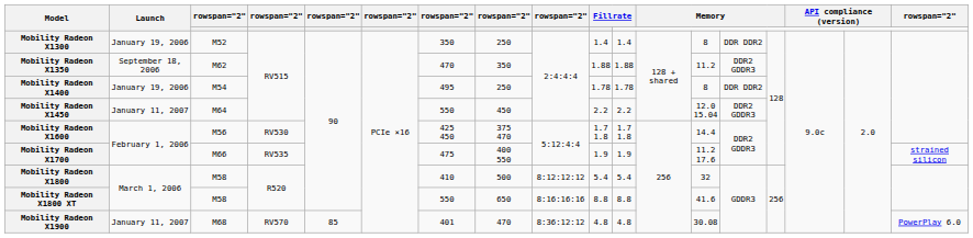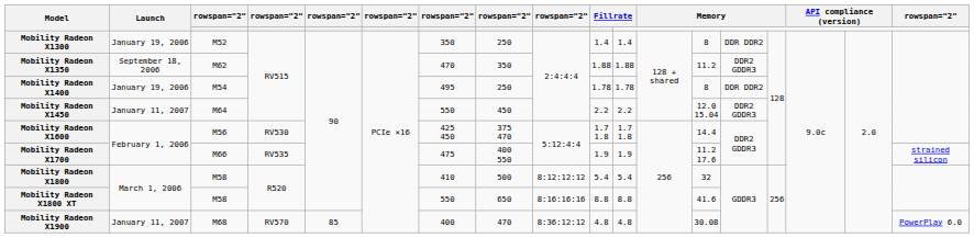 <table class="mw-datatable wikitable sortable" style="font-size: 80%; text-align:center;">
 <tr>
 <th rowspan="2">Model</th>
 <th rowspan="2">Launch</th>
 <th>rowspan="2" </th>
 <th>rowspan="2" </th>
 <th>rowspan="2" </th>
 <th>rowspan="2" </th>
 <th>rowspan="2" </th>
 <th>rowspan="2" </th>
 <th>rowspan="2" </th>
 <th colspan="2"><a href='#'>Fillrate</a></th>
 <th colspan="4">Memory</th>
 <th colspan="2"><a href='#'>API</a> compliance (version)</th>
 <th>rowspan="2" </th>
 </tr>
 <tr>
 <th></th>
 <th></th>
 <th></th>
 <th></th>
 <th></th>
 <th></th>
 <th></th>
 <th></th>
 </tr>
 <tr>
 <th>Mobility Radeon X1300</th>
 <td>January 19, 2006</td>
 <td>M52</td>
 <td rowspan="4">RV515</td>
 <td rowspan="8">90</td>
 <td rowspan="9">PCIe ×16</td>
 <td>350</td>
 <td>250</td>
 <td rowspan="4">2:4:4:4</td>
 <td>1.4</td>
 <td>1.4</td>
 <td rowspan="4">128 + shared</td>
 <td>8</td>
 <td>DDR DDR2</td>
 <td rowspan="6">128</td>
 <td rowspan="9">9.0c</td>
 <td rowspan="9">2.0</td>
 <td rowspan="5"></td>
 </tr>
 <tr>
 <th>Mobility Radeon X1350</th>
 <td>September 18, 2006</td>
 <td>M62</td>
 <td>470</td>
 <td>350</td>
 <td>1.88</td>
 <td>1.88</td>
 <td>11.2</td>
 <td>DDR2 GDDR3</td>
 </tr>
 <tr>
 <th>Mobility Radeon X1400</th>
 <td>January 19, 2006</td>
 <td>M54</td>
 <td>495</td>
 <td>250</td>
 <td>1.78</td>
 <td>1.78</td>
 <td>8</td>
 <td>DDR DDR2</td>
 </tr>
 <tr>
 <th>Mobility Radeon X1450</th>
 <td>January 11, 2007</td>
 <td>M64</td>
 <td>550</td>
 <td>450</td>
 <td>2.2</td>
 <td>2.2</td>
 <td>12.0<br>15.04</td>
 <td>DDR2 GDDR3</td>
 </tr>
 <tr>
 <th>Mobility Radeon X1600</th>
 <td rowspan="2">February 1, 2006</td>
 <td>M56</td>
 <td>RV530</td>
 <td>425<br>450</td>
 <td>375<br>470</td>
 <td rowspan="2">5:12:4:4</td>
 <td>1.7<br>1.8</td>
 <td>1.7<br>1.8</td>
 <td rowspan="5">256</td>
 <td>14.4</td>
 <td rowspan="2">DDR2<br>GDDR3</td>
 </tr>
 <tr>
 <th>Mobility Radeon X1700</th>
 <td>M66</td>
 <td>RV535</td>
 <td>475</td>
 <td>400<br>550</td>
 <td>1.9</td>
 <td>1.9</td>
 <td>11.2<br>17.6</td>
 <td><a href='#'>strained silicon</a></td>
 </tr>
 <tr>
 <th>Mobility Radeon X1800</th>
 <td rowspan="2">March 1, 2006</td>
 <td>M58</td>
 <td rowspan="2">R520</td>
 <td>410</td>
 <td>500</td>
 <td>8:12:12:12</td>
 <td>5.4</td>
 <td>5.4</td>
 <td>32</td>
 <td rowspan="3">GDDR3</td>
 <td rowspan="3">256</td>
 <td rowspan="2"></td>
 </tr>
 <tr>
 <th>Mobility Radeon X1800 XT</th>
 <td>M58</td>
 <td>550</td>
 <td>650</td>
 <td>8:16:16:16</td>
 <td>8.8</td>
 <td>8.8</td>
 <td>41.6</td>
 </tr>
 <tr>
 <th>Mobility Radeon X1900</th>
 <td>January 11, 2007</td>
 <td>M68</td>
 <td>RV570</td>
 <td>85</td>
-<td>401</td>
+<td>400</td>
 <td>470</td>
 <td>8:36:12:12</td>
 <td>4.8</td>
 <td>4.8</td>
 <td>30.08</td>
 <td><a href='#'>PowerPlay</a> 6.0</td>
 </tr>
 </table>
